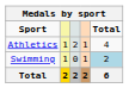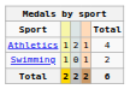 <table class="wikitable" style="font-size:85%; float:right">
 <tr style="background:#efefef;">
 <th colspan=7><strong>Medals by sport</strong></th>
 </tr>
 <tr align=center>
 <td><strong>Sport</strong></td>
 <td style="background:#f7f6a8;"></td>
 <td style="background:#dce5e5;"></td>
 <td style="background:#ffdab9;"></td>
 <td><strong>Total</strong></td>
 </tr>
 <tr align=center>
 <td><a href='#'>Athletics</a></td>
 <td style="background:#f7f6a8;">1</td>
 <td style="background:#dce5e5;">2</td>
 <td style="background:#ffdab9;">1</td>
 <td>4</td>
 </tr>
 <tr align=center>
 <td><a href='#'>Swimming</a></td>
 <td style="background:#f7f6a8;">1</td>
 <td style="background:#dce5e5;">0</td>
 <td style="background:#ffdab9;">1</td>
-<td style="background: lightblue;">2</td>
+<td>2</td>
 </tr>
 <tr align=center>
 <th><strong>Total</strong></th>
 <th style="background:gold;"><strong>2</strong></th>
 <th style="background:silver;"><strong>2</strong></th>
 <th style="background:#c96;"><strong>2</strong></th>
 <th><strong>6</strong></th>
 </tr>
 </table>
